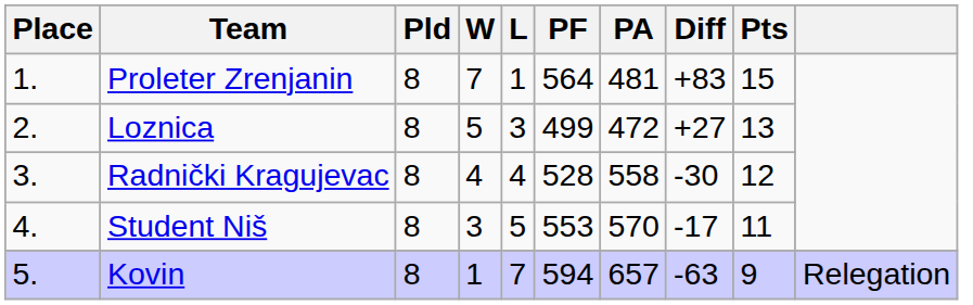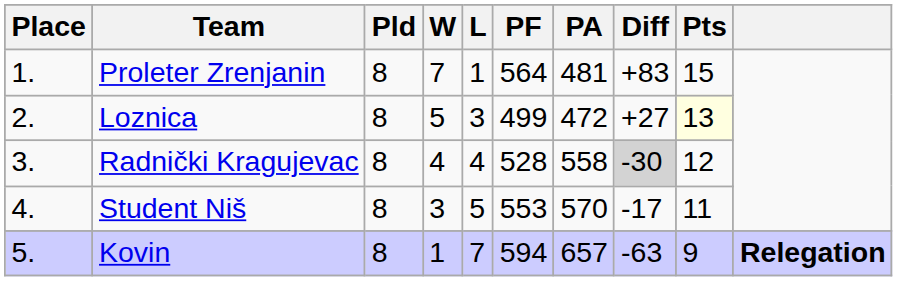 <table class="wikitable">
 <tr>
 <th>Place</th>
 <th>Team</th>
 <th>Pld</th>
 <th>W</th>
 <th>L</th>
 <th>PF</th>
 <th>PA</th>
 <th>Diff</th>
 <th>Pts</th>
 <th></th>
 </tr>
 <tr>
 <td>1.</td>
 <td><a href='#'>Proleter Zrenjanin</a></td>
 <td>8</td>
 <td>7</td>
 <td>1</td>
 <td>564</td>
 <td>481</td>
 <td>+83</td>
 <td>15</td>
 <td rowspan="4"></td>
 </tr>
 <tr>
 <td>2.</td>
 <td><a href='#'>Loznica</a></td>
 <td>8</td>
 <td>5</td>
 <td>3</td>
 <td>499</td>
 <td>472</td>
 <td>+27</td>
-<td>13</td>
+<td style="background: lightyellow;">13</td>
 </tr>
 <tr>
 <td>3.</td>
 <td><a href='#'>Radnički Kragujevac</a></td>
 <td>8</td>
 <td>4</td>
 <td>4</td>
 <td>528</td>
 <td>558</td>
-<td>-30</td>
+<td style="background: lightgrey;">-30</td>
 <td>12</td>
 </tr>
 <tr>
 <td>4.</td>
 <td><a href='#'>Student Niš</a></td>
 <td>8</td>
 <td>3</td>
 <td>5</td>
 <td>553</td>
 <td>570</td>
 <td>-17</td>
 <td>11</td>
 </tr>
 <tr style="background:#CCCCFF;">
 <td>5.</td>
 <td><a href='#'>Kovin</a></td>
 <td>8</td>
 <td>1</td>
 <td>7</td>
 <td>594</td>
 <td>657</td>
 <td>-63</td>
 <td>9</td>
-<td rowspan="1">Relegation</td>
+<td rowspan="1"><strong>Relegation</strong></td>
 </tr>
 </table>
